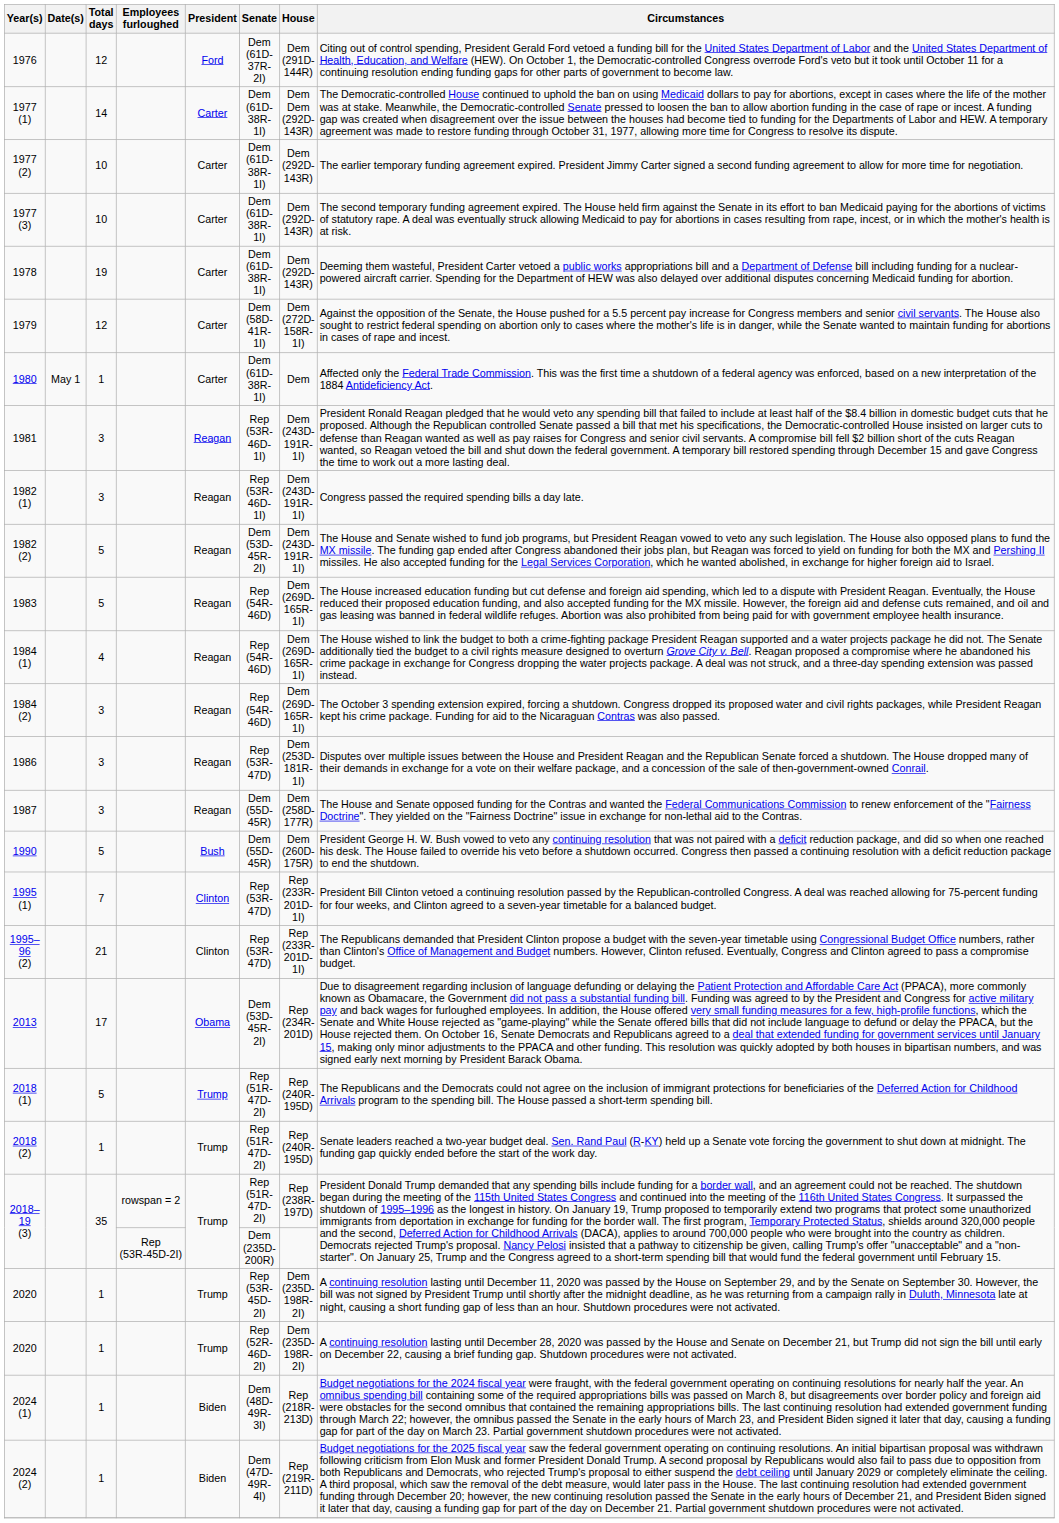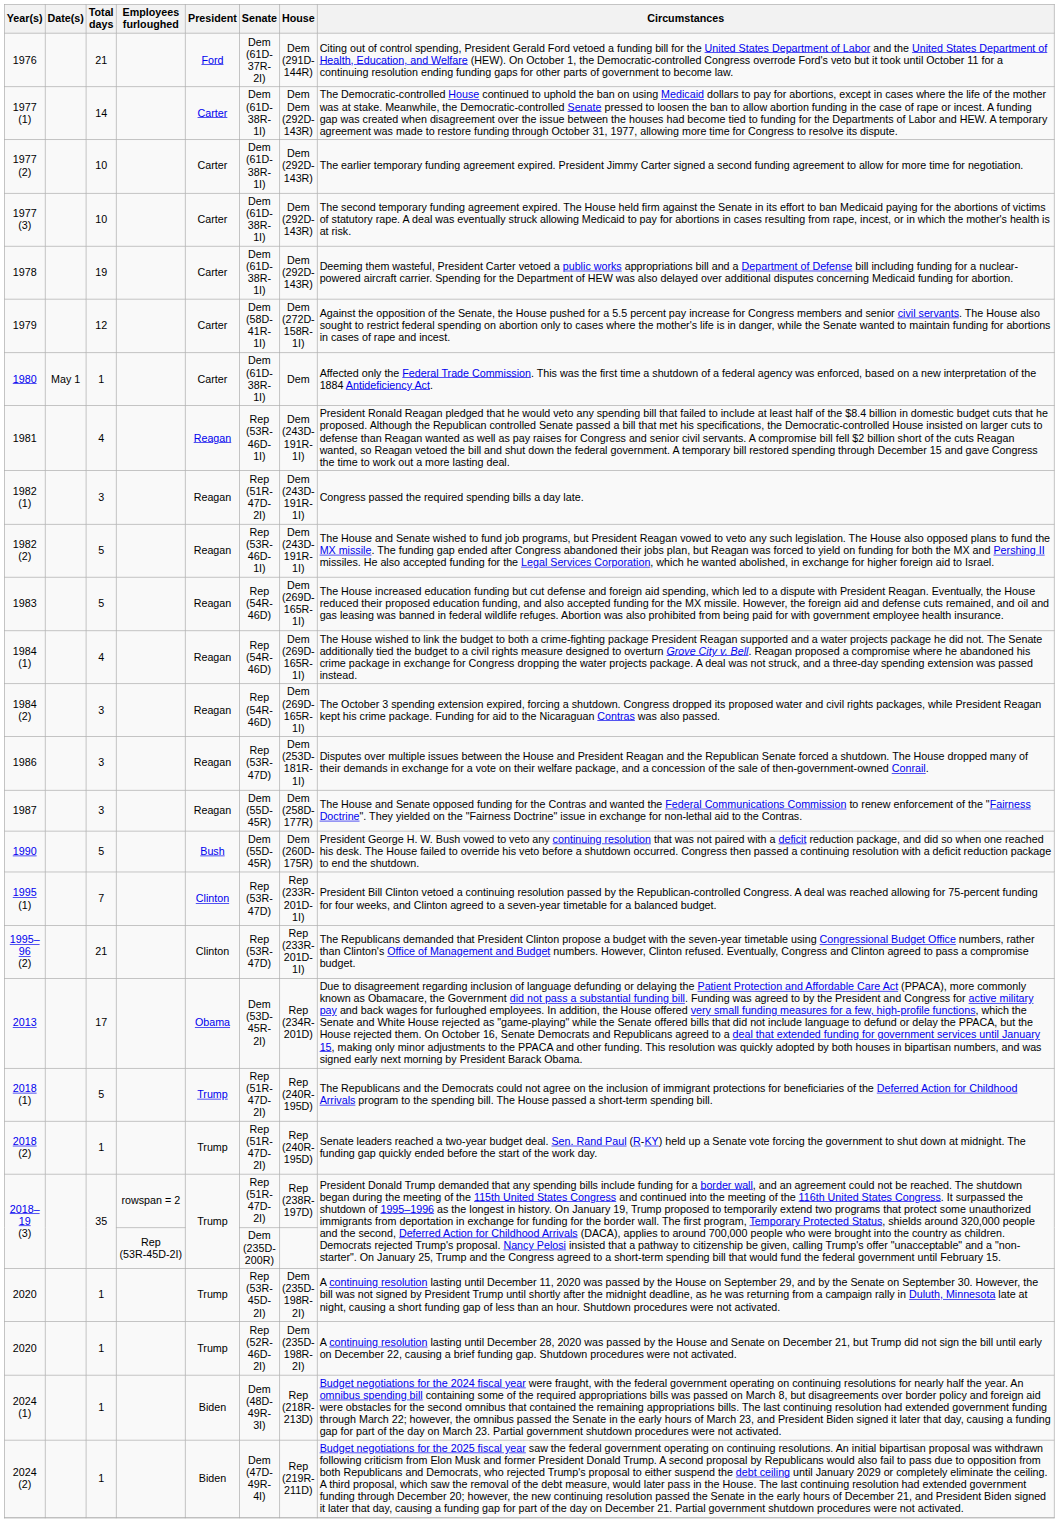 <table class="wikitable sortable" style="text-align:center;">
 <tr>
 <th width="20">Year(s)</th>
 <th width="25">Date(s)</th>
 <th width="25">Total days</th>
 <th>Employees furloughed</th>
 <th width="15">President</th>
 <th width="15">Senate</th>
 <th width="45">House</th>
 <th class="unsortable">Circumstances</th>
 </tr>
 <tr>
 <td>1976</td>
 <td></td>
-<td>12</td>
+<td>21</td>
 <td></td>
 <td><a href='#'>Ford</a></td>
 <td>Dem<br>(61D-37R-2I)</td>
 <td>Dem (291D-144R)</td>
 <td style="text-align:left;">Citing out of control spending, President Gerald Ford vetoed a funding bill for the <a href='#'>United States Department of Labor</a> and the <a href='#'>United States Department of Health, Education, and Welfare</a> (HEW). On October 1, the Democratic-controlled Congress overrode Ford's veto but it took until October 11 for a continuing resolution ending funding gaps for other parts of government to become law.</td>
 </tr>
 <tr>
 <td>1977 <br> (1)</td>
 <td></td>
 <td>14</td>
 <td></td>
 <td><a href='#'>Carter</a></td>
 <td>Dem<br>(61D-38R-1I)</td>
 <td>Dem Dem (292D-143R)</td>
 <td style="text-align:left;">The Democratic-controlled <a href='#'>House</a> continued to uphold the ban on using <a href='#'>Medicaid</a> dollars to pay for abortions, except in cases where the life of the mother was at stake. Meanwhile, the Democratic-controlled <a href='#'>Senate</a> pressed to loosen the ban to allow abortion funding in the case of rape or incest. A funding gap was created when disagreement over the issue between the houses had become tied to funding for the Departments of Labor and HEW. A temporary agreement was made to restore funding through October 31, 1977, allowing more time for Congress to resolve its dispute.</td>
 </tr>
 <tr>
 <td>1977 <br> (2)</td>
 <td></td>
 <td>10</td>
 <td></td>
 <td>Carter</td>
 <td>Dem<br>(61D-38R-1I)</td>
 <td>Dem (292D-143R)</td>
 <td style="text-align:left;">The earlier temporary funding agreement expired. President Jimmy Carter signed a second funding agreement to allow for more time for negotiation.</td>
 </tr>
 <tr>
 <td>1977 <br> (3)</td>
 <td></td>
 <td>10</td>
 <td></td>
 <td>Carter</td>
 <td>Dem<br>(61D-38R-1I)</td>
 <td>Dem (292D-143R)</td>
 <td style="text-align:left;">The second temporary funding agreement expired. The House held firm against the Senate in its effort to ban Medicaid paying for the abortions of victims of statutory rape. A deal was eventually struck allowing Medicaid to pay for abortions in cases resulting from rape, incest, or in which the mother's health is at risk.</td>
 </tr>
 <tr>
 <td>1978</td>
 <td></td>
 <td>19</td>
 <td></td>
 <td>Carter</td>
 <td>Dem<br>(61D-38R-1I)</td>
 <td>Dem (292D-143R)</td>
 <td style="text-align:left;">Deeming them wasteful, President Carter vetoed a <a href='#'>public works</a> appropriations bill and a <a href='#'>Department of Defense</a> bill including funding for a nuclear-powered aircraft carrier. Spending for the Department of HEW was also delayed over additional disputes concerning Medicaid funding for abortion.</td>
 </tr>
 <tr>
 <td>1979</td>
 <td></td>
 <td>12</td>
 <td></td>
 <td>Carter</td>
 <td>Dem<br>(58D-41R-1I)</td>
 <td>Dem (272D-158R-1I)</td>
 <td style="text-align:left;">Against the opposition of the Senate, the House pushed for a 5.5 percent pay increase for Congress members and senior <a href='#'>civil servants</a>. The House also sought to restrict federal spending on abortion only to cases where the mother's life is in danger, while the Senate wanted to maintain funding for abortions in cases of rape and incest.</td>
 </tr>
 <tr>
 <td><a href='#'>1980</a></td>
 <td>May 1</td>
 <td>1</td>
 <td></td>
 <td>Carter</td>
 <td>Dem<br>(61D-38R-1I)</td>
 <td>Dem</td>
 <td style="text-align:left;">Affected only the <a href='#'>Federal Trade Commission</a>.  This was the first time a shutdown of a federal agency was enforced, based on a new interpretation of the 1884 <a href='#'>Antideficiency Act</a>.</td>
 </tr>
 <tr>
 <td>1981</td>
 <td></td>
-<td>3</td>
+<td>4</td>
 <td></td>
 <td><a href='#'>Reagan</a></td>
 <td>Rep<br>(53R-46D-1I)</td>
 <td>Dem (243D-191R-1I)</td>
 <td style="text-align:left;">President Ronald Reagan pledged that he would veto any spending bill that failed to include at least half of the $8.4 billion in domestic budget cuts that he proposed. Although the Republican controlled Senate passed a bill that met his specifications, the Democratic-controlled House insisted on larger cuts to defense than Reagan wanted as well as pay raises for Congress and senior civil servants. A compromise bill fell $2 billion short of the cuts Reagan wanted, so Reagan vetoed the bill and shut down the federal government. A temporary bill restored spending through December 15 and gave Congress the time to work out a more lasting deal.</td>
 </tr>
 <tr>
 <td>1982 <br> (1)</td>
 <td></td>
 <td>3</td>
 <td></td>
 <td>Reagan</td>
-<td>Rep<br>(53R-46D-1I)</td>
+<td>Rep<br>(51R-47D-2I)</td>
 <td>Dem (243D-191R-1I)</td>
 <td style="text-align:left;">Congress passed the required spending bills a day late.</td>
 </tr>
 <tr>
 <td>1982 <br> (2)</td>
 <td></td>
 <td>5</td>
 <td></td>
 <td>Reagan</td>
-<td>Dem<br>(53D-45R-2I)</td>
+<td>Rep<br>(53R-46D-1I)</td>
 <td>Dem (243D-191R-1I)</td>
 <td style="text-align:left;">The House and Senate wished to fund job programs, but President Reagan vowed to veto any such legislation. The House also opposed plans to fund the <a href='#'>MX missile</a>. The funding gap ended after Congress abandoned their jobs plan, but Reagan was forced to yield on funding for both the MX and <a href='#'>Pershing II</a> missiles. He also accepted funding for the <a href='#'>Legal Services Corporation</a>, which he wanted abolished, in exchange for higher foreign aid to Israel.</td>
 </tr>
 <tr>
 <td>1983</td>
 <td></td>
 <td>5</td>
 <td></td>
 <td>Reagan</td>
 <td>Rep<br>(54R-46D)</td>
 <td>Dem (269D-165R-1I)</td>
 <td style="text-align:left;">The House increased education funding but cut defense and foreign aid spending, which led to a dispute with President Reagan. Eventually, the House reduced their proposed education funding, and also accepted funding for the MX missile. However, the foreign aid and defense cuts remained, and oil and gas leasing was banned in federal wildlife refuges. Abortion was also prohibited from being paid for with government employee health insurance.</td>
 </tr>
 <tr>
 <td>1984 <br> (1)</td>
 <td></td>
 <td>4</td>
 <td></td>
 <td>Reagan</td>
 <td>Rep<br>(54R-46D)</td>
 <td>Dem (269D-165R-1I)</td>
 <td style="text-align:left;">The House wished to link the budget to both a crime-fighting package President Reagan supported and a water projects package he did not. The Senate additionally tied the budget to a civil rights measure designed to overturn <em><a href='#'>Grove City v. Bell</a></em>. Reagan proposed a compromise where he abandoned his crime package in exchange for Congress dropping the water projects package. A deal was not struck, and a three-day spending extension was passed instead.</td>
 </tr>
 <tr>
 <td>1984 <br> (2)</td>
 <td></td>
 <td>3</td>
 <td></td>
 <td>Reagan</td>
 <td>Rep<br>(54R-46D)</td>
 <td>Dem (269D-165R-1I)</td>
 <td style="text-align:left;">The October 3 spending extension expired, forcing a shutdown. Congress dropped its proposed water and civil rights packages, while President Reagan kept his crime package. Funding for aid to the Nicaraguan <a href='#'>Contras</a> was also passed.</td>
 </tr>
 <tr>
 <td>1986</td>
 <td></td>
 <td>3</td>
 <td></td>
 <td>Reagan</td>
 <td>Rep<br>(53R-47D)</td>
 <td>Dem (253D-181R-1I)</td>
 <td style="text-align:left;">Disputes over multiple issues between the House and President Reagan and the Republican Senate forced a shutdown. The House dropped many of their demands in exchange for a vote on their welfare package, and a concession of the sale of then-government-owned <a href='#'>Conrail</a>.</td>
 </tr>
 <tr>
 <td>1987</td>
 <td></td>
 <td>3</td>
 <td></td>
 <td>Reagan</td>
 <td>Dem<br>(55D-45R)</td>
 <td>Dem (258D-177R)</td>
 <td style="text-align:left;">The House and Senate opposed funding for the Contras and wanted the <a href='#'>Federal Communications Commission</a> to renew enforcement of the "<a href='#'>Fairness Doctrine</a>". They yielded on the "Fairness Doctrine" issue in exchange for non-lethal aid to the Contras.</td>
 </tr>
 <tr>
 <td><a href='#'>1990</a></td>
 <td></td>
 <td>5</td>
 <td></td>
 <td><a href='#'>Bush</a></td>
 <td>Dem<br>(55D-45R)</td>
 <td>Dem (260D-175R)</td>
 <td style="text-align:left;">President George H. W. Bush vowed to veto any <a href='#'>continuing resolution</a> that was not paired with a <a href='#'>deficit</a> reduction package, and did so when one reached his desk. The House failed to override his veto before a shutdown occurred. Congress then passed a continuing resolution with a deficit reduction package to end the shutdown.</td>
 </tr>
 <tr>
 <td><a href='#'>1995</a> <br> (1)</td>
 <td></td>
 <td>7</td>
 <td></td>
 <td><a href='#'>Clinton</a></td>
 <td>Rep<br>(53R-47D)</td>
 <td>Rep (233R-201D-1I)</td>
 <td style="text-align:left;">President Bill Clinton vetoed a continuing resolution passed by the Republican-controlled Congress. A deal was reached allowing for 75-percent funding for four weeks, and Clinton agreed to a seven-year timetable for a balanced budget.</td>
 </tr>
 <tr>
 <td><a href='#'>1995–96</a> <br> (2)</td>
 <td></td>
 <td>21</td>
 <td></td>
 <td>Clinton</td>
 <td>Rep<br>(53R-47D)</td>
 <td>Rep (233R-201D-1I)</td>
 <td style="text-align:left;">The Republicans demanded that President Clinton propose a budget with the seven-year timetable using <a href='#'>Congressional Budget Office</a> numbers, rather than Clinton's <a href='#'>Office of Management and Budget</a> numbers. However, Clinton refused. Eventually, Congress and Clinton agreed to pass a compromise budget.</td>
 </tr>
 <tr>
 <td><a href='#'>2013</a></td>
 <td></td>
 <td>17</td>
 <td></td>
 <td><a href='#'>Obama</a></td>
 <td>Dem<br>(53D-45R-2I)</td>
 <td>Rep (234R-201D)</td>
 <td style="text-align:left;">Due to disagreement regarding inclusion of language defunding or delaying the <a href='#'>Patient Protection and Affordable Care Act</a> (PPACA), more commonly known as Obamacare, the Government <a href='#'>did not pass a substantial funding bill</a>. Funding was agreed to by the President and Congress for <a href='#'>active military pay</a> and back wages for furloughed employees. In addition, the House offered <a href='#'>very small funding measures for a few, high-profile functions</a>, which the Senate and White House rejected as "game-playing" while the Senate offered bills that did not include language to defund or delay the PPACA, but the House rejected them. On October 16, Senate Democrats and Republicans agreed to a <a href='#'>deal that extended funding for government services until January 15</a>, making only minor adjustments to the PPACA and other funding. This resolution was quickly adopted by both houses in bipartisan numbers, and was signed early next morning by President Barack Obama.</td>
 </tr>
 <tr>
 <td><a href='#'>2018</a> <br> (1)</td>
 <td></td>
 <td>5</td>
 <td></td>
 <td><a href='#'>Trump</a></td>
 <td>Rep<br>(51R-47D-2I)</td>
 <td>Rep (240R-195D)</td>
 <td style="text-align:left;">The Republicans and the Democrats could not agree on the inclusion of immigrant protections for beneficiaries of the <a href='#'>Deferred Action for Childhood Arrivals</a> program to the spending bill. The House passed a short-term spending bill.</td>
 </tr>
 <tr>
 <td><a href='#'>2018</a> <br> (2)</td>
 <td></td>
 <td>1</td>
 <td></td>
 <td>Trump</td>
 <td>Rep<br>(51R-47D-2I)</td>
 <td>Rep (240R-195D)</td>
 <td style="text-align:left;">Senate leaders reached a two-year budget deal. <a href='#'>Sen. Rand Paul</a> (<a href='#'>R</a>-<a href='#'>KY</a>) held up a Senate vote forcing the government to shut down at midnight. The funding gap quickly ended before the start of the work day.</td>
 </tr>
 <tr>
 <td rowspan = 2><a href='#'>2018–19</a> <br> (3)</td>
 <td rowspan = 2></td>
 <td rowspan="2">35</td>
 <td>rowspan = 2 </td>
 <td rowspan = 2 >Trump</td>
 <td>Rep<br>(51R-47D-2I)</td>
 <td>Rep (238R-197D)</td>
 <td rowspan = 2 style="text-align:left;">President Donald Trump demanded that any spending bills include funding for a <a href='#'>border wall</a>, and an agreement could not be reached. The shutdown began during the meeting of the <a href='#'>115th United States Congress</a> and continued into the meeting of the <a href='#'>116th United States Congress</a>. It surpassed the shutdown of <a href='#'>1995–1996</a> as the longest in history. On January 19, Trump proposed to temporarily extend two programs that protect some unauthorized immigrants from deportation in exchange for funding for the border wall. The first program, <a href='#'>Temporary Protected Status</a>, shields around 320,000 people and the second, <a href='#'>Deferred Action for Childhood Arrivals</a> (DACA), applies to around 700,000 people who were brought into the country as children. Democrats rejected Trump's proposal. <a href='#'>Nancy Pelosi</a> insisted that a pathway to citizenship be given, calling Trump's offer "unacceptable" and a "non-starter". On January 25, Trump and the Congress agreed to a short-term spending bill that would fund the federal government until February 15.</td>
 </tr>
 <tr>
 <td>Rep<br>(53R-45D-2I)</td>
 <td>Dem (235D-200R)</td>
 </tr>
 <tr>
 <td>2020</td>
 <td></td>
 <td>1</td>
 <td></td>
 <td>Trump</td>
 <td>Rep (53R-45D-2I)</td>
 <td>Dem (235D-198R-2I)</td>
 <td style="text-align:left;">A <a href='#'>continuing resolution</a> lasting until December 11, 2020 was passed by the House on September 29, and by the Senate on September 30.  However, the bill was not signed by President Trump until shortly after the midnight deadline, as he was returning from a campaign rally in <a href='#'>Duluth, Minnesota</a> late at night, causing a short funding gap of less than an hour.  Shutdown procedures were not activated.</td>
 </tr>
 <tr>
 <td>2020</td>
 <td></td>
 <td>1</td>
 <td></td>
 <td>Trump</td>
 <td>Rep (52R-46D-2I)</td>
 <td>Dem (235D-198R-2I)</td>
 <td style="text-align:left;">A <a href='#'>continuing resolution</a> lasting until December 28, 2020 was passed by the House and Senate on December 21, but Trump did not sign the bill until early on December 22, causing a brief funding gap. Shutdown procedures were not activated.</td>
 </tr>
 <tr>
 <td>2024 (1)</td>
 <td></td>
 <td>1</td>
 <td></td>
 <td>Biden</td>
 <td>Dem (48D-49R-3I)</td>
 <td>Rep (218R-213D)</td>
 <td style="text-align:left;"><a href='#'>Budget negotiations for the 2024 fiscal year</a> were fraught, with the federal government operating on continuing resolutions for nearly half the year. An <a href='#'>omnibus spending bill</a> containing some of the required appropriations bills was passed on March 8, but disagreements over border policy and foreign aid were obstacles for the second omnibus that contained the remaining appropriations bills. The last continuing resolution had extended government funding through March 22; however, the omnibus passed the Senate in the early hours of March 23, and President Biden signed it later that day, causing a funding gap for part of the day on March 23. Partial government shutdown procedures were not activated.</td>
 </tr>
 <tr>
 <td>2024 (2)</td>
 <td></td>
 <td>1</td>
 <td></td>
 <td>Biden</td>
 <td>Dem (47D-49R-4I)</td>
 <td>Rep (219R-211D)</td>
 <td style="text-align:left;"><a href='#'>Budget negotiations for the 2025 fiscal year</a> saw the federal government operating on continuing resolutions. An initial bipartisan proposal was withdrawn following criticism from Elon Musk and former President Donald Trump. A second proposal by Republicans would also fail to pass due to opposition from both Republicans and Democrats, who rejected Trump's proposal to either suspend the <a href='#'>debt ceiling</a> until January 2029 or completely eliminate the ceiling. A third proposal, which saw the removal of the debt measure, would later pass in the House. The last continuing resolution had extended government funding through December 20; however, the new continuing resolution passed the Senate in the early hours of December 21, and President Biden signed it later that day, causing a funding gap for part of the day on December 21. Partial government shutdown procedures were not activated.</td>
 </tr>
 <tr>
 </tr>
 </table>
